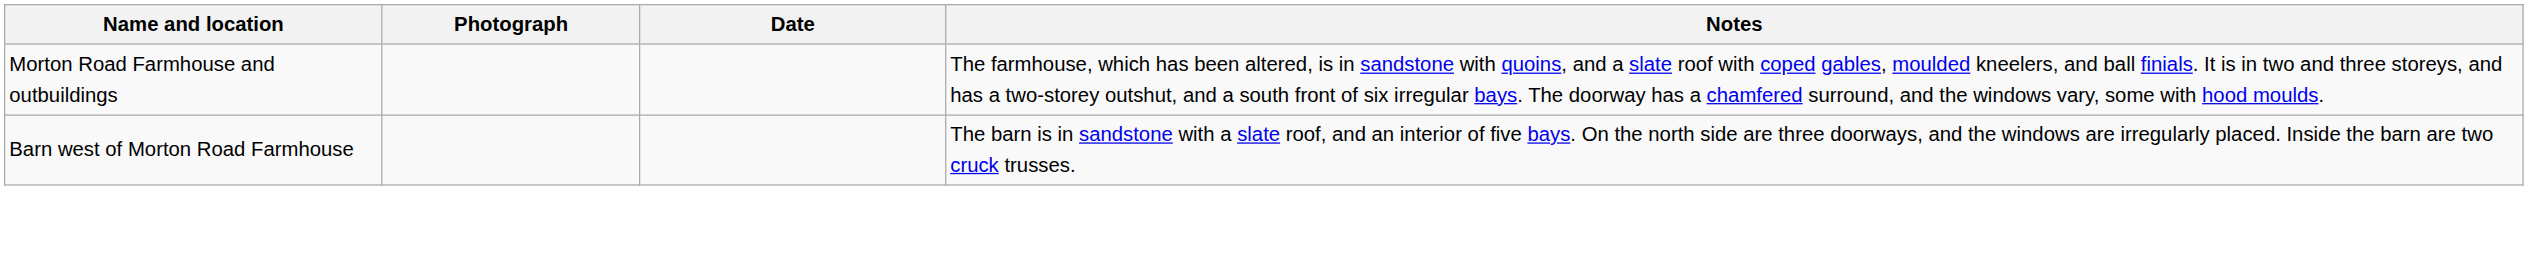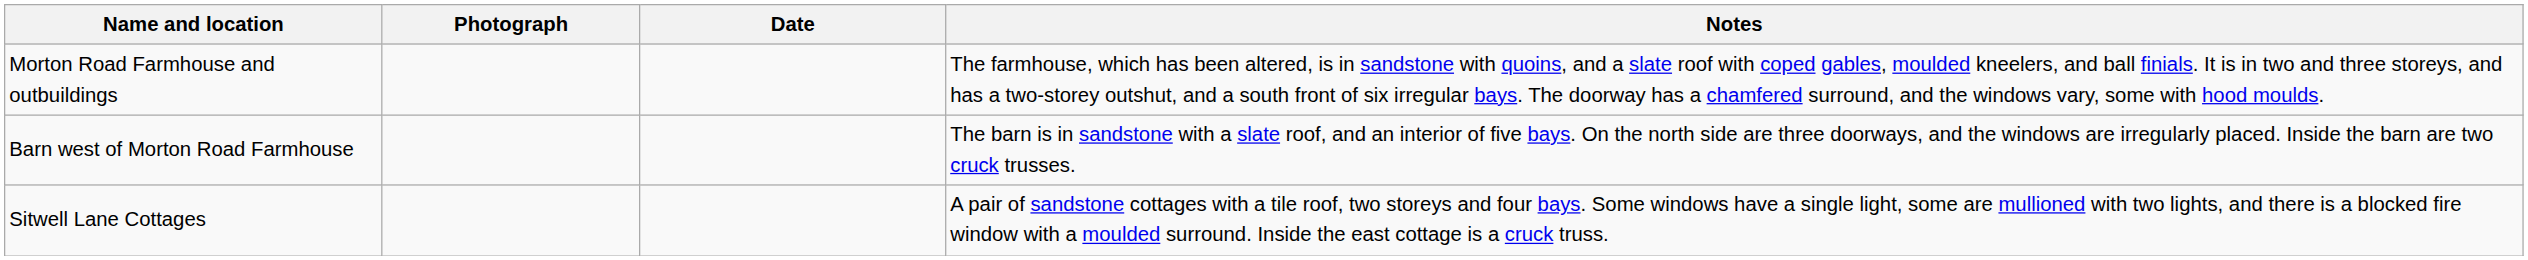 <table class="wikitable sortable plainrowheaders" style="width:100%;border:0px;text-align:left;line-height:150%;">
 <tr>
 <th scope="col"  style="width:150px">Name and location</th>
 <th scope="col"  style="width:100px" class="unsortable">Photograph</th>
 <th scope="col"  style="width:120px">Date</th>
 <th scope="col"  style="width:650px" class="unsortable">Notes</th>
 </tr>
 <tr>
 <td>Morton Road Farmhouse and outbuildings<br><small></small></td>
 <td></td>
 <td align="center"></td>
 <td>The farmhouse, which has been altered, is in <a href='#'>sandstone</a> with <a href='#'>quoins</a>, and a <a href='#'>slate</a> roof with <a href='#'>coped</a> <a href='#'>gables</a>, <a href='#'>moulded</a> kneelers, and ball <a href='#'>finials</a>.  It is in two and three storeys, and has a two-storey outshut, and a south front of six irregular <a href='#'>bays</a>.  The doorway has a <a href='#'>chamfered</a> surround, and the windows vary, some with <a href='#'>hood moulds</a>.</td>
 </tr>
 <tr>
 <td>Barn west of Morton Road Farmhouse<br><small></small></td>
 <td></td>
 <td align="center"></td>
 <td>The barn is in <a href='#'>sandstone</a> with a <a href='#'>slate</a> roof, and an interior of five <a href='#'>bays</a>.  On the north side are three doorways, and the windows are irregularly placed.  Inside the barn are two <a href='#'>cruck</a> trusses.</td>
 </tr>
 <tr>
+<td>Sitwell Lane Cottages<br><small></small></td>
+<td></td>
+<td align="center"></td>
+<td>A pair of <a href='#'>sandstone</a> cottages with a tile roof, two storeys and four <a href='#'>bays</a>.  Some windows have a single light, some are <a href='#'>mullioned</a> with two lights, and there is a blocked fire window with a <a href='#'>moulded</a> surround.  Inside the east cottage is a <a href='#'>cruck</a> truss.</td>
+</tr>
+<tr>
 </tr>
 </table>
